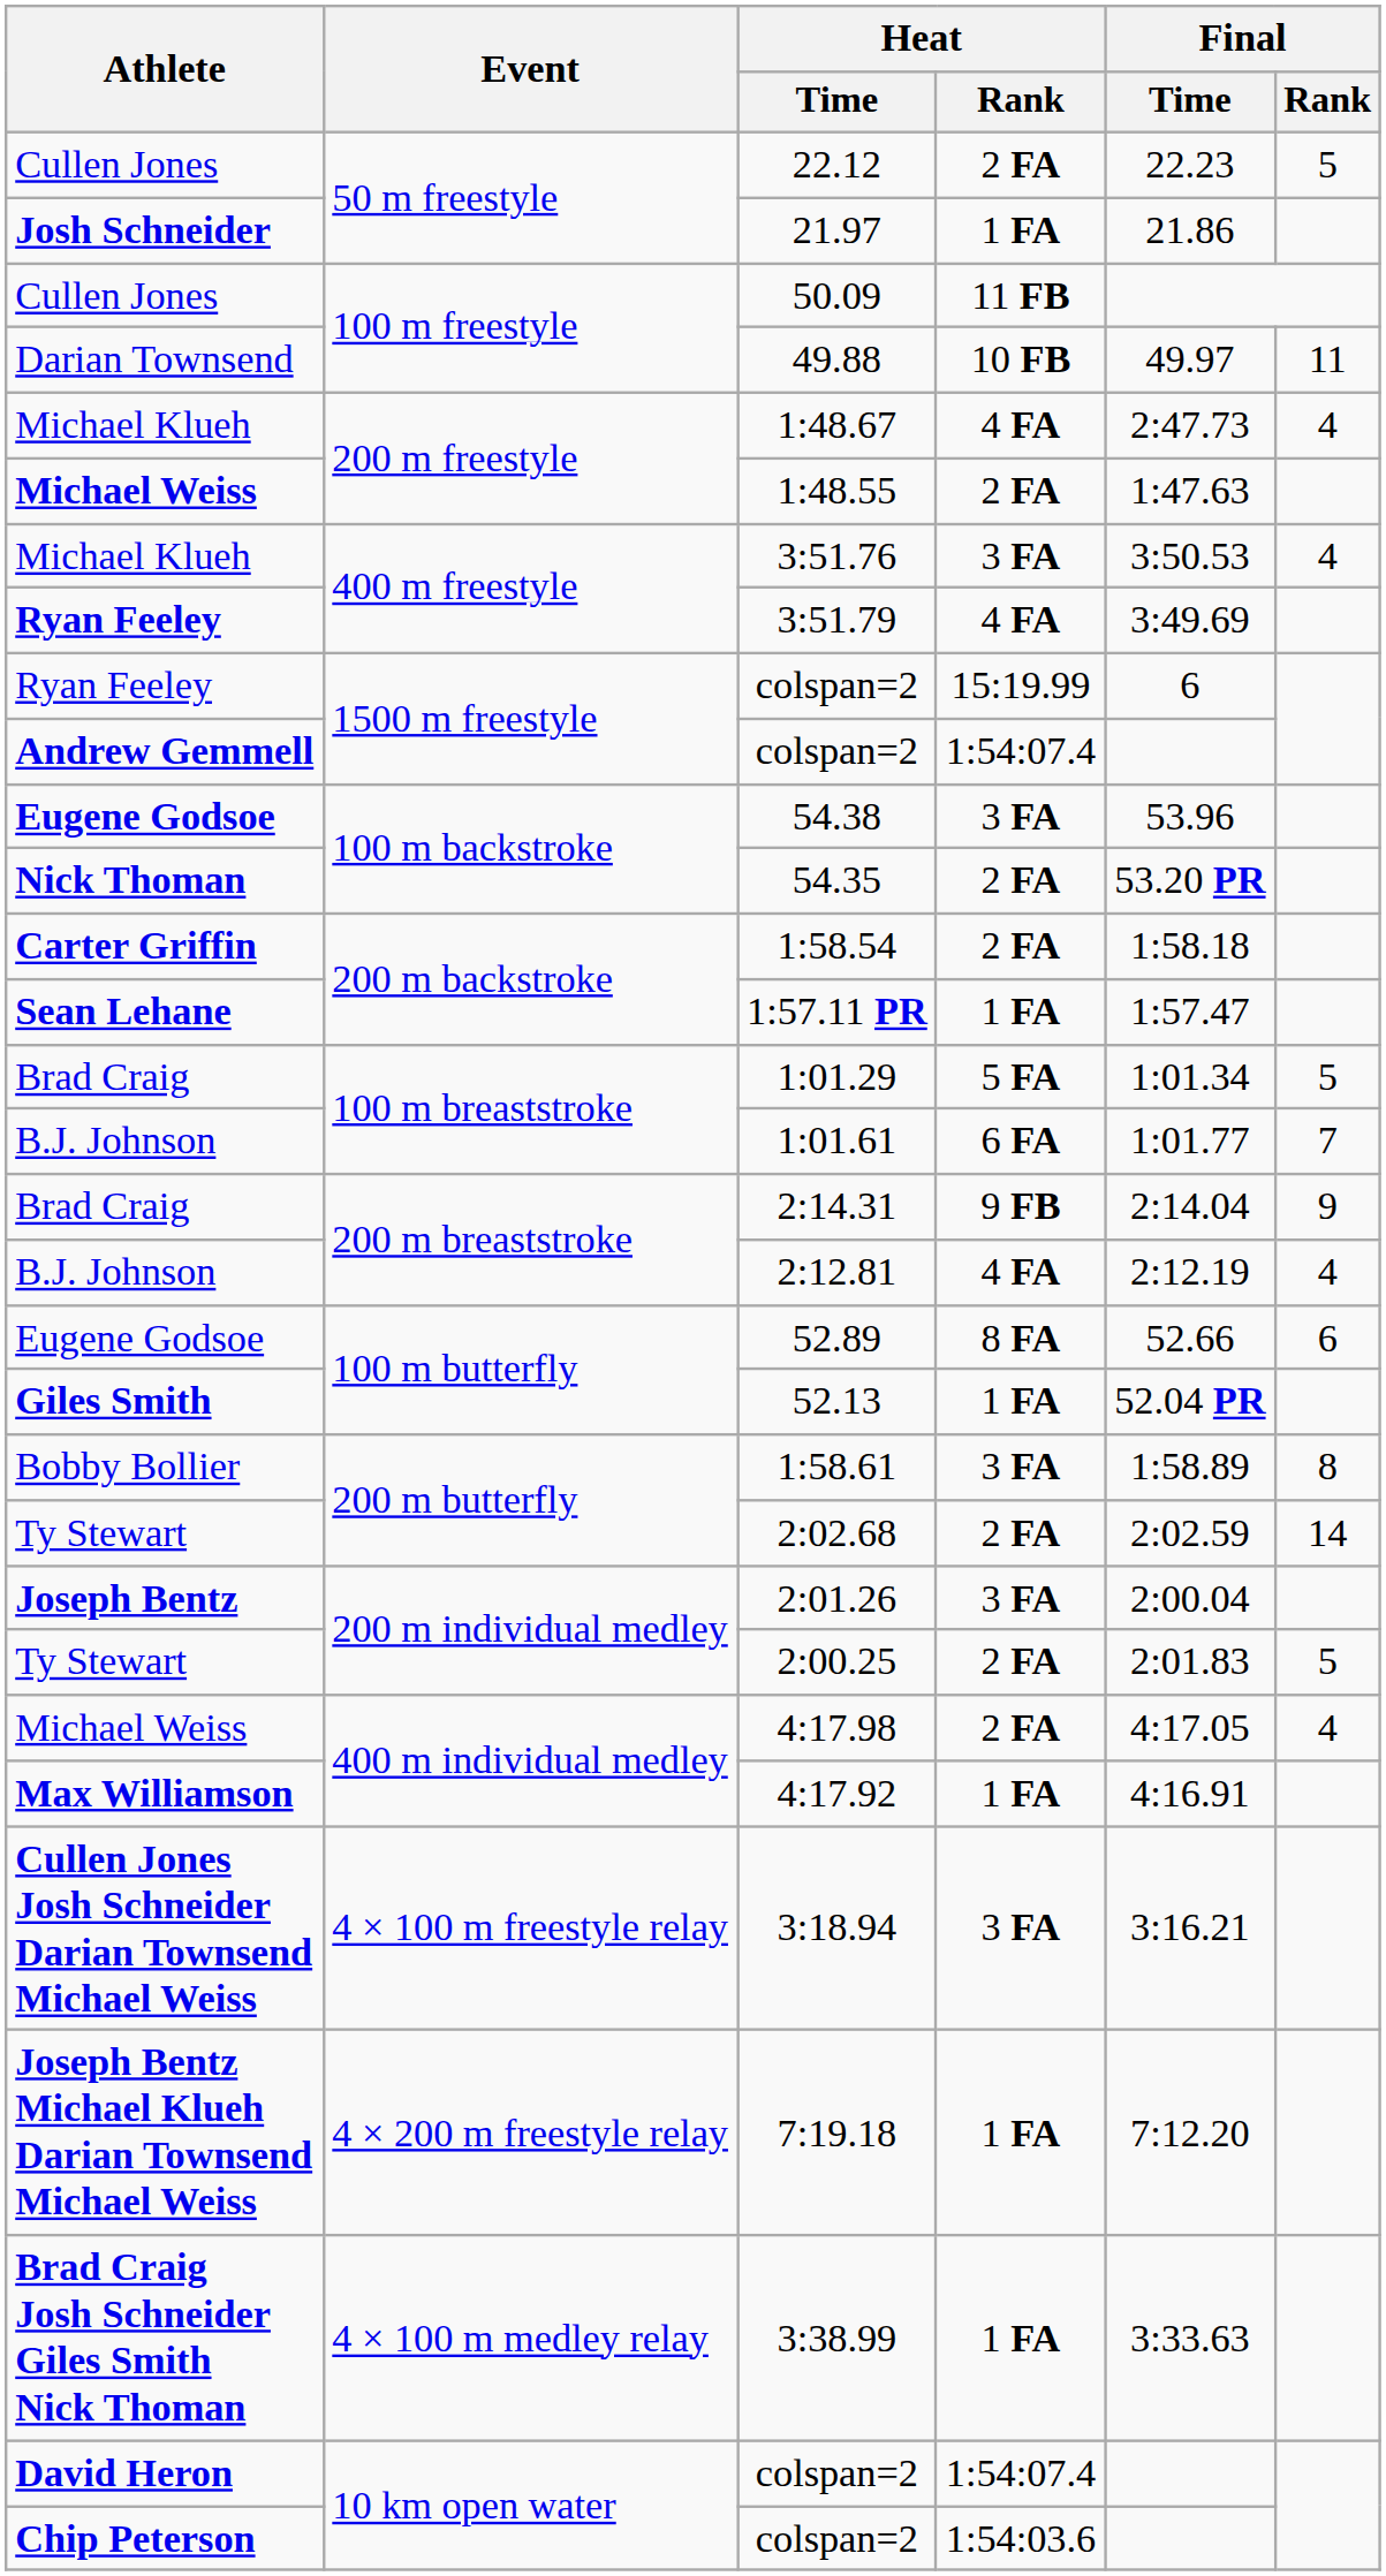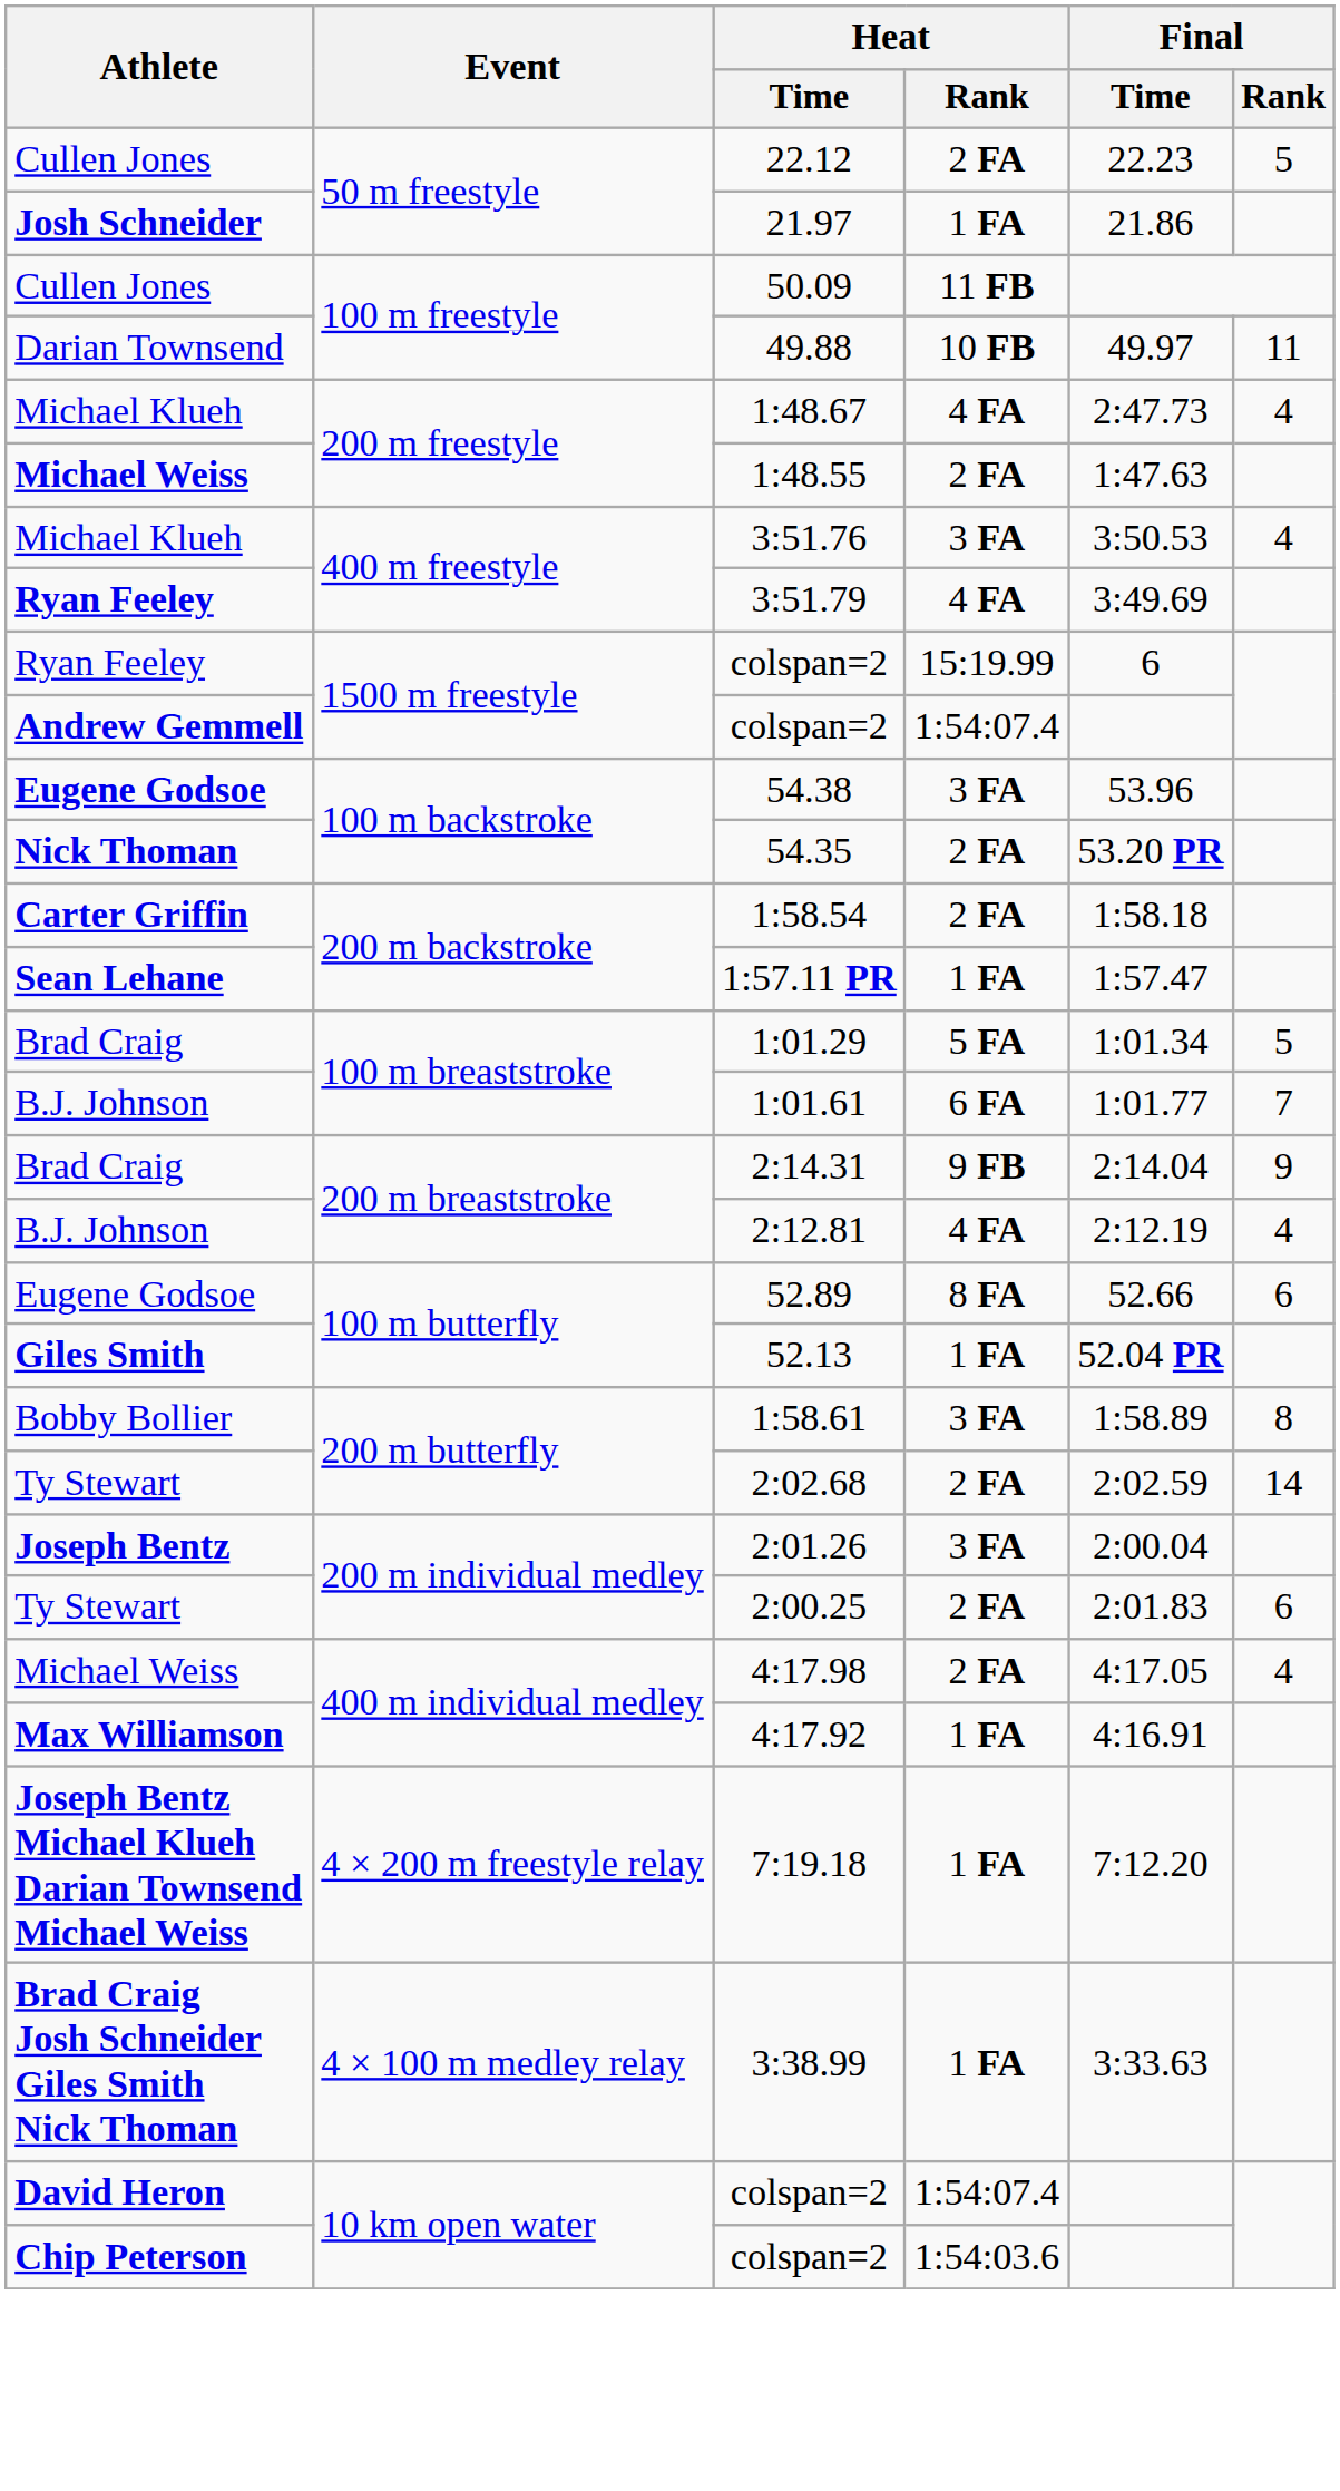 <table class=wikitable style="font-size:90%">
 <tr>
 <th rowspan=2>Athlete</th>
 <th rowspan=2>Event</th>
 <th colspan=2>Heat</th>
 <th colspan=2>Final</th>
 </tr>
 <tr style="font-size:95%">
 <th>Time</th>
 <th>Rank</th>
 <th>Time</th>
 <th>Rank</th>
 </tr>
 <tr align=center>
 <td align=left><a href='#'>Cullen Jones</a></td>
 <td align=left rowspan=2><a href='#'>50 m freestyle</a></td>
 <td>22.12</td>
 <td>2 <strong>FA</strong></td>
 <td>22.23</td>
 <td>5</td>
 </tr>
 <tr align=center>
 <td align=left><strong><a href='#'>Josh Schneider</a></strong></td>
 <td>21.97</td>
 <td>1 <strong>FA</strong></td>
 <td>21.86</td>
 <td></td>
 </tr>
 <tr align=center>
 <td align=left><a href='#'>Cullen Jones</a></td>
 <td align=left rowspan=2><a href='#'>100 m freestyle</a></td>
 <td>50.09</td>
 <td>11 <strong>FB</strong></td>
 <td colspan=2></td>
 </tr>
 <tr align=center>
 <td align=left><a href='#'>Darian Townsend</a></td>
 <td>49.88</td>
 <td>10 <strong>FB</strong></td>
 <td>49.97</td>
 <td>11</td>
 </tr>
 <tr align=center>
 <td align=left><a href='#'>Michael Klueh</a></td>
 <td align=left rowspan=2><a href='#'>200 m freestyle</a></td>
 <td>1:48.67</td>
 <td>4 <strong>FA</strong></td>
 <td>2:47.73</td>
 <td>4</td>
 </tr>
 <tr align=center>
 <td align=left><strong><a href='#'>Michael Weiss</a></strong></td>
 <td>1:48.55</td>
 <td>2 <strong>FA</strong></td>
 <td>1:47.63</td>
 <td></td>
 </tr>
 <tr align=center>
 <td align=left><a href='#'>Michael Klueh</a></td>
 <td align=left rowspan=2><a href='#'>400 m freestyle</a></td>
 <td>3:51.76</td>
 <td>3 <strong>FA</strong></td>
 <td>3:50.53</td>
 <td>4</td>
 </tr>
 <tr align=center>
 <td align=left><strong><a href='#'>Ryan Feeley</a></strong></td>
 <td>3:51.79</td>
 <td>4 <strong>FA</strong></td>
 <td>3:49.69</td>
 <td></td>
 </tr>
 <tr align=center>
 <td align=left><a href='#'>Ryan Feeley</a></td>
 <td align=left rowspan=2><a href='#'>1500 m freestyle</a></td>
 <td>colspan=2 </td>
 <td>15:19.99</td>
 <td>6</td>
 </tr>
 <tr align=center>
 <td align=left><strong><a href='#'>Andrew Gemmell</a></strong></td>
 <td>colspan=2 </td>
 <td>1:54:07.4</td>
 <td></td>
 </tr>
 <tr align=center>
 <td align=left><strong><a href='#'>Eugene Godsoe</a></strong></td>
 <td align=left rowspan=2><a href='#'>100 m backstroke</a></td>
 <td>54.38</td>
 <td>3 <strong>FA</strong></td>
 <td>53.96</td>
 <td></td>
 </tr>
 <tr align=center>
 <td align=left><strong><a href='#'>Nick Thoman</a></strong></td>
 <td>54.35</td>
 <td>2 <strong>FA</strong></td>
 <td>53.20 <strong><a href='#'>PR</a></strong></td>
 <td></td>
 </tr>
 <tr align=center>
 <td align=left><strong><a href='#'>Carter Griffin</a></strong></td>
 <td align=left rowspan=2><a href='#'>200 m backstroke</a></td>
 <td>1:58.54</td>
 <td>2 <strong>FA</strong></td>
 <td>1:58.18</td>
 <td></td>
 </tr>
 <tr align=center>
 <td align=left><strong><a href='#'>Sean Lehane</a></strong></td>
 <td>1:57.11 <strong><a href='#'>PR</a></strong></td>
 <td>1 <strong>FA</strong></td>
 <td>1:57.47</td>
 <td></td>
 </tr>
 <tr align=center>
 <td align=left><a href='#'>Brad Craig</a></td>
 <td align=left rowspan=2><a href='#'>100 m breaststroke</a></td>
 <td>1:01.29</td>
 <td>5 <strong>FA</strong></td>
 <td>1:01.34</td>
 <td>5</td>
 </tr>
 <tr align=center>
 <td align=left><a href='#'>B.J. Johnson</a></td>
 <td>1:01.61</td>
 <td>6 <strong>FA</strong></td>
 <td>1:01.77</td>
 <td>7</td>
 </tr>
 <tr align=center>
 <td align=left><a href='#'>Brad Craig</a></td>
 <td align=left rowspan=2><a href='#'>200 m breaststroke</a></td>
 <td>2:14.31</td>
 <td>9 <strong>FB</strong></td>
 <td>2:14.04</td>
 <td>9</td>
 </tr>
 <tr align=center>
 <td align=left><a href='#'>B.J. Johnson</a></td>
 <td>2:12.81</td>
 <td>4 <strong>FA</strong></td>
 <td>2:12.19</td>
 <td>4</td>
 </tr>
 <tr align=center>
 <td align=left><a href='#'>Eugene Godsoe</a></td>
 <td align=left rowspan=2><a href='#'>100 m butterfly</a></td>
 <td>52.89</td>
 <td>8 <strong>FA</strong></td>
 <td>52.66</td>
 <td>6</td>
 </tr>
 <tr align=center>
 <td align=left><strong><a href='#'>Giles Smith</a></strong></td>
 <td>52.13</td>
 <td>1 <strong>FA</strong></td>
 <td>52.04 <strong><a href='#'>PR</a></strong></td>
 <td></td>
 </tr>
 <tr align=center>
 <td align=left><a href='#'>Bobby Bollier</a></td>
 <td align=left rowspan=2><a href='#'>200 m butterfly</a></td>
 <td>1:58.61</td>
 <td>3 <strong>FA</strong></td>
 <td>1:58.89</td>
 <td>8</td>
 </tr>
 <tr align=center>
 <td align=left><a href='#'>Ty Stewart</a></td>
 <td>2:02.68</td>
 <td>2 <strong>FA</strong></td>
 <td>2:02.59</td>
 <td>14</td>
 </tr>
 <tr align=center>
 <td align=left><strong><a href='#'>Joseph Bentz</a></strong></td>
 <td align=left rowspan=2><a href='#'>200 m individual medley</a></td>
 <td>2:01.26</td>
 <td>3 <strong>FA</strong></td>
 <td>2:00.04</td>
 <td></td>
 </tr>
 <tr align=center>
 <td align=left><a href='#'>Ty Stewart</a></td>
 <td>2:00.25</td>
 <td>2 <strong>FA</strong></td>
 <td>2:01.83</td>
-<td>5</td>
+<td>6</td>
 </tr>
 <tr align=center>
 <td align=left><a href='#'>Michael Weiss</a></td>
 <td align=left rowspan=2><a href='#'>400 m individual medley</a></td>
 <td>4:17.98</td>
 <td>2 <strong>FA</strong></td>
 <td>4:17.05</td>
 <td>4</td>
 </tr>
 <tr align=center>
 <td align=left><strong><a href='#'>Max Williamson</a></strong></td>
 <td>4:17.92</td>
 <td>1 <strong>FA</strong></td>
 <td>4:16.91</td>
-<td></td>
-</tr>
-<tr align=center>
-<td align=left><strong><a href='#'>Cullen Jones</a><br><a href='#'>Josh Schneider</a><br><a href='#'>Darian Townsend</a><br><a href='#'>Michael Weiss</a></strong></td>
-<td align=left><a href='#'>4 × 100 m freestyle relay</a></td>
-<td>3:18.94</td>
-<td>3 <strong>FA</strong></td>
-<td>3:16.21</td>
 <td></td>
 </tr>
 <tr align=center>
 <td align=left><strong><a href='#'>Joseph Bentz</a><br><a href='#'>Michael Klueh</a><br><a href='#'>Darian Townsend</a><br><a href='#'>Michael Weiss</a></strong></td>
 <td align=left><a href='#'>4 × 200 m freestyle relay</a></td>
 <td>7:19.18</td>
 <td>1 <strong>FA</strong></td>
 <td>7:12.20</td>
 <td></td>
 </tr>
 <tr align=center>
 <td align=left><strong><a href='#'>Brad Craig</a><br><a href='#'>Josh Schneider</a><br><a href='#'>Giles Smith</a><br><a href='#'>Nick Thoman</a></strong></td>
 <td align=left><a href='#'>4 × 100 m medley relay</a></td>
 <td>3:38.99</td>
 <td>1 <strong>FA</strong></td>
 <td>3:33.63</td>
 <td></td>
 </tr>
 <tr align=center>
 <td align=left><strong><a href='#'>David Heron</a></strong></td>
 <td align=left rowspan=2><a href='#'>10 km open water</a></td>
 <td>colspan=2 </td>
 <td>1:54:07.4</td>
 <td></td>
 </tr>
 <tr align=center>
 <td align=left><strong><a href='#'>Chip Peterson</a></strong></td>
 <td>colspan=2 </td>
 <td>1:54:03.6</td>
 <td></td>
 </tr>
 </table>
